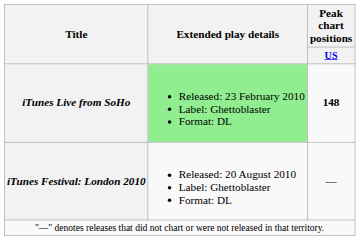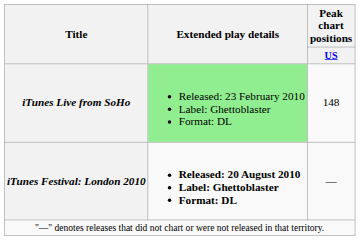 <table class="wikitable plainrowheaders">
 <tr>
 <th scope="col" rowspan="2">Title</th>
 <th scope="col" rowspan="2">Extended play details</th>
 <th scope="col" colspan="1">Peak chart positions</th>
 </tr>
 <tr>
 <th scope="col" style="width:2.5em;font-size:90%;"><a href='#'>US</a><br></th>
 </tr>
 <tr>
 <th scope="row"><em>iTunes Live from SoHo</em></th>
 <td style="background: lightgreen;"><br><ul><li>Released: 23 February 2010</li><li>Label: Ghettoblaster</li><li>Format: DL</li></ul></td>
-<td style="text-align:center;"><strong>148</strong></td>
+<td style="text-align:center;">148</td>
 </tr>
 <tr>
 <th scope="row"><em>iTunes Festival: London 2010</em></th>
-<td><br><ul><li>Released: 20 August 2010</li><li>Label: Ghettoblaster</li><li>Format: DL</li></ul></td>
+<td><strong><br><ul><li>Released: 20 August 2010</li><li>Label: Ghettoblaster</li><li>Format: DL</li></ul></strong></td>
 <td style="text-align:center;">—</td>
 </tr>
 <tr>
 <td align="center" colspan="15" style="font-size: 85%">"—" denotes releases that did not chart or were not released in that territory.</td>
 </tr>
 </table>
